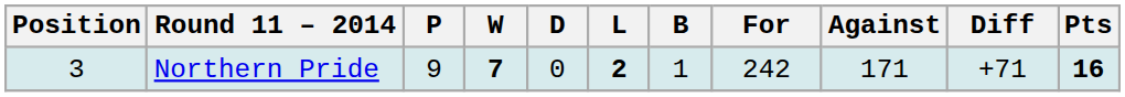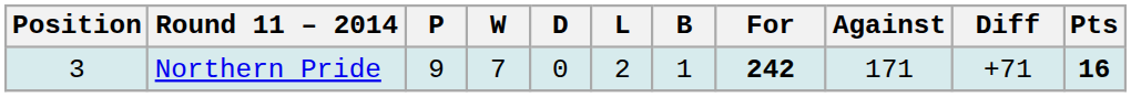 <table class="wikitable" style="text-align:center; font-size:85%;">
 <tr>
 <th width=40 abbr="Position">Position</th>
 <th width=100>Round 11 – 2014</th>
 <th width=20 abbr="Played">P</th>
 <th width=20 abbr="Won">W</th>
 <th width=20 abbr="Drawn">D</th>
 <th width=20 abbr="Lost">L</th>
 <th width=20 abbr="Bye">B</th>
 <th width=40 abbr="Points for">For</th>
 <th width=40 abbr="Points against">Against</th>
 <th width=40 abbr="Points difference">Diff</th>
 <th width=20 abbr="Points">Pts</th>
 </tr>
 <tr style="background: #d7ebed;">
 <td>3</td>
 <td style="text-align:left;"> <a href='#'>Northern Pride</a></td>
 <td>9</td>
-<td><strong>7</strong></td>
+<td>7</td>
 <td>0</td>
-<td><strong>2</strong></td>
+<td>2</td>
 <td>1</td>
-<td>242</td>
+<td><strong>242</strong></td>
 <td>171</td>
 <td>+71</td>
 <td><strong>16</strong></td>
 </tr>
 <tr>
 </tr>
 </table>
